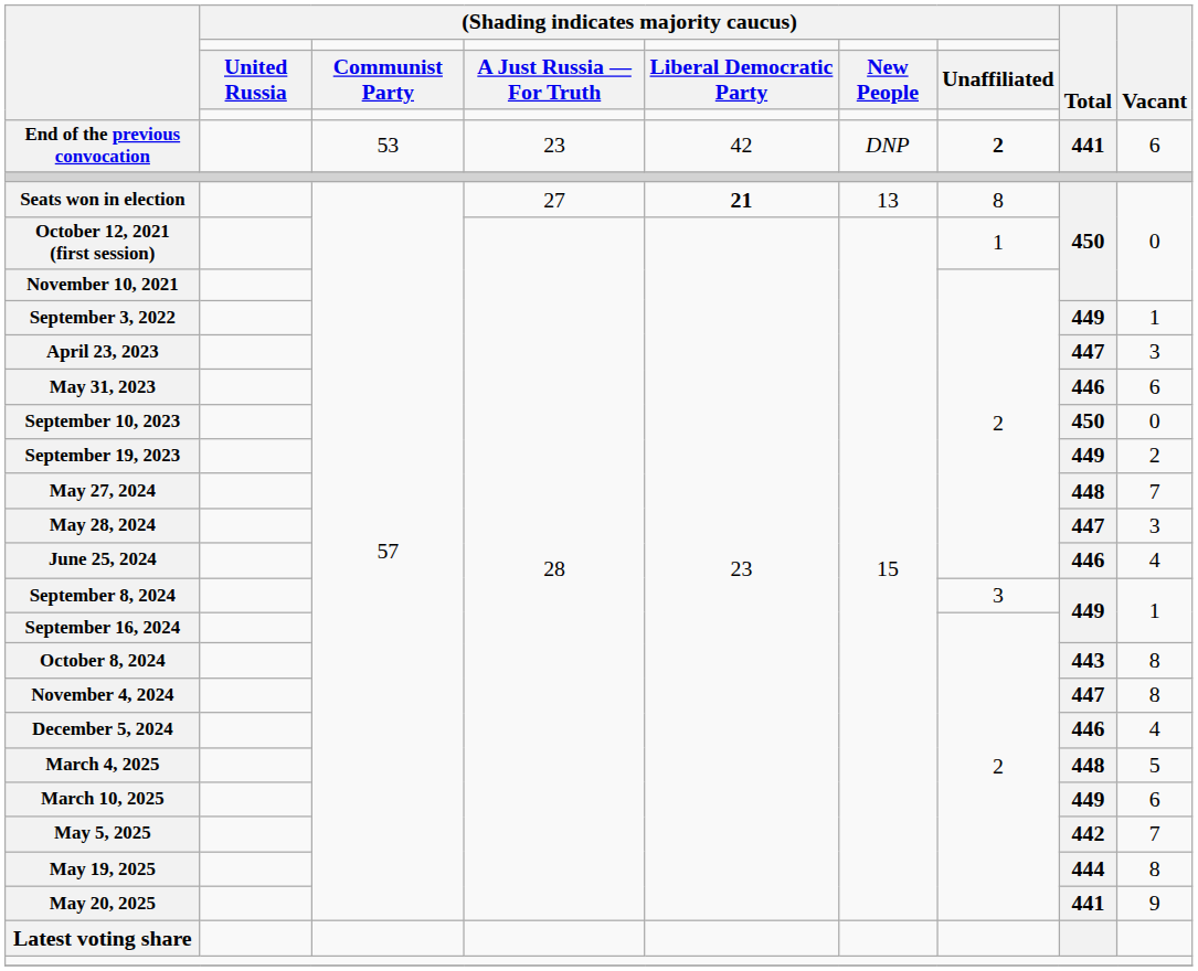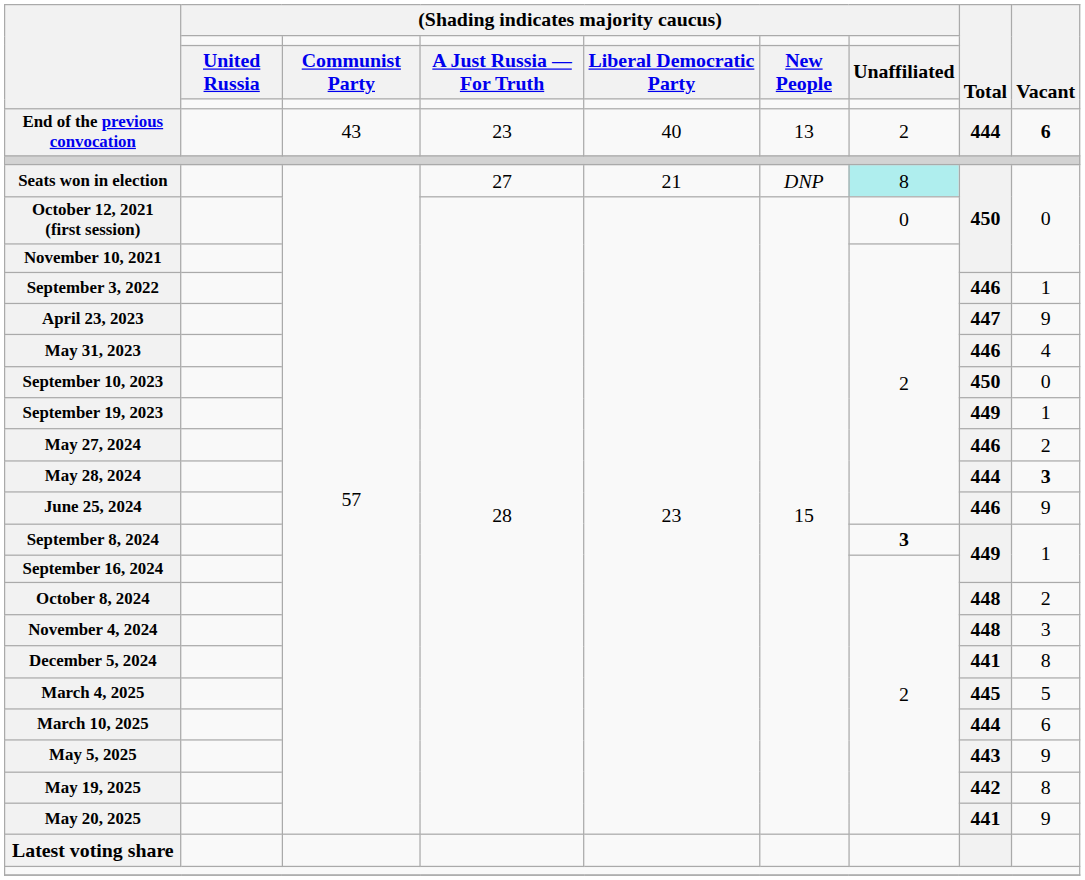 <table class=wikitable style="text-align:center">
 <tr style="vertical-align:bottom;">
 <th rowspan=4></th>
 <th colspan=6><div>(Shading indicates majority caucus)</div></th>
 <th rowspan=4>Total</th>
 <th rowspan=4>Vacant</th>
 </tr>
 <tr style="height:5px">
 <td style="background-color:"></td>
 <td style="background-color:"></td>
 <td style="background-color:"></td>
 <td style="background-color:"></td>
 <td style="background-color:"></td>
 <td style="background-color:"></td>
 </tr>
 <tr>
 <th><a href='#'>United Russia</a></th>
 <th><a href='#'>Communist Party</a></th>
 <th><a href='#'>A Just Russia — For Truth</a></th>
 <th><a href='#'>Liberal Democratic Party</a></th>
 <th><a href='#'>New People</a></th>
 <th>Unaffiliated</th>
 </tr>
 <tr style="height:5px">
 <td style="background-color:"></td>
 <td style="background-color:"></td>
 <td style="background-color:"></td>
 <td style="background-color:"></td>
 <td style="background-color:"></td>
 <td style="background-color:"></td>
 </tr>
 <tr>
 <th style="font-size:85%">End of the <a href='#'>previous convocation</a></th>
 <td style="background-color:"></td>
-<td>53</td>
+<td>43</td>
 <td>23</td>
-<td>42</td>
-<td><em>DNP</em></td>
-<td><strong>2</strong></td>
-<th>441</th>
-<td>6</td>
+<td>40</td>
+<td>13</td>
+<td>2</td>
+<th>444</th>
+<td><strong>6</strong></td>
 </tr>
 <tr>
 <td colspan=12 style="background-color:lightgrey"></td>
 </tr>
 <tr>
 <th style="font-size:85%">Seats won in election</th>
 <td style="background-color:"></td>
 <td rowspan=21>57</td>
 <td>27</td>
-<td><strong>21</strong></td>
-<td>13</td>
-<td>8</td>
+<td>21</td>
+<td><em>DNP</em></td>
+<td style="background: paleturquoise;">8</td>
 <th rowspan=3>450</th>
 <td rowspan=3>0</td>
 </tr>
 <tr>
 <th style="font-size:85%">October 12, 2021<br>(first session)</th>
 <td style="background-color:"></td>
 <td rowspan=20>28</td>
 <td rowspan=20>23</td>
 <td rowspan=20>15</td>
-<td>1</td>
+<td>0</td>
 </tr>
 <tr>
 <th style="font-size:85%">November 10, 2021</th>
 <td style="background-color:"></td>
 <td rowspan=9>2</td>
 </tr>
 <tr>
 <th style="font-size:85%">September 3, 2022</th>
 <td style="background-color:"></td>
-<th>449</th>
+<th>446</th>
 <td>1</td>
 </tr>
 <tr>
 <th style="font-size:85%">April 23, 2023</th>
 <td style="background-color:"></td>
 <th>447</th>
-<td>3</td>
+<td>9</td>
 </tr>
 <tr>
 <th style="font-size:85%">May 31, 2023</th>
 <td style="background-color:"></td>
 <th>446</th>
-<td>6</td>
+<td>4</td>
 </tr>
 <tr>
 <th style="font-size:85%">September 10, 2023</th>
 <td style="background-color:"></td>
 <th>450</th>
 <td>0</td>
 </tr>
 <tr>
 <th style="font-size:85%">September 19, 2023</th>
 <td style="background-color:"></td>
 <th>449</th>
-<td>2</td>
+<td>1</td>
 </tr>
 <tr>
 <th style="font-size:85%">May 27, 2024</th>
 <td style="background-color:"></td>
-<th>448</th>
-<td>7</td>
+<th>446</th>
+<td>2</td>
 </tr>
 <tr>
 <th style="font-size:85%">May 28, 2024</th>
 <td style="background-color:"></td>
-<th>447</th>
-<td>3</td>
+<th>444</th>
+<td><strong>3</strong></td>
 </tr>
 <tr>
 <th style="font-size:85%">June 25, 2024</th>
 <td style="background-color:"></td>
 <th>446</th>
-<td>4</td>
+<td>9</td>
 </tr>
 <tr>
 <th style="font-size:85%">September 8, 2024</th>
 <td style="background-color:"></td>
-<td>3</td>
+<td><strong>3</strong></td>
 <th rowspan=2>449</th>
 <td rowspan=2>1</td>
 </tr>
 <tr>
 <th style="font-size:85%">September 16, 2024</th>
 <td style="background-color:"></td>
 <td rowspan=9>2</td>
 </tr>
 <tr>
 <th style="font-size:85%">October 8, 2024</th>
 <td style="background-color:"></td>
-<th>443</th>
-<td>8</td>
+<th>448</th>
+<td>2</td>
 </tr>
 <tr>
 <th style="font-size:85%">November 4, 2024</th>
 <td style="background-color:"></td>
-<th>447</th>
-<td>8</td>
+<th>448</th>
+<td>3</td>
 </tr>
 <tr>
 <th style="font-size:85%">December 5, 2024</th>
 <td style="background-color:"></td>
-<th>446</th>
-<td>4</td>
+<th>441</th>
+<td>8</td>
 </tr>
 <tr>
 <th style="font-size:85%">March 4, 2025</th>
 <td style="background-color:"></td>
-<th>448</th>
+<th>445</th>
 <td>5</td>
 </tr>
 <tr>
 <th style="font-size:85%">March 10, 2025</th>
 <td style="background-color:"></td>
-<th>449</th>
+<th>444</th>
 <td>6</td>
 </tr>
 <tr>
 <th style="font-size:85%">May 5, 2025</th>
 <td style="background-color:"></td>
-<th>442</th>
-<td>7</td>
+<th>443</th>
+<td>9</td>
 </tr>
 <tr>
 <th style="font-size:85%">May 19, 2025</th>
 <td style="background-color:"></td>
-<th>444</th>
+<th>442</th>
 <td>8</td>
 </tr>
 <tr>
 <th style="font-size:85%">May 20, 2025</th>
 <td style="background-color:"></td>
 <th>441</th>
 <td>9</td>
 </tr>
 <tr>
 <th>Latest voting share</th>
 <td style="background-color:"></td>
 <td></td>
 <td></td>
 <td></td>
 <td></td>
 <td></td>
 <th></th>
 <td></td>
 </tr>
 <tr>
 <td colspan="9"></td>
 </tr>
 <tr>
 </tr>
 </table>
